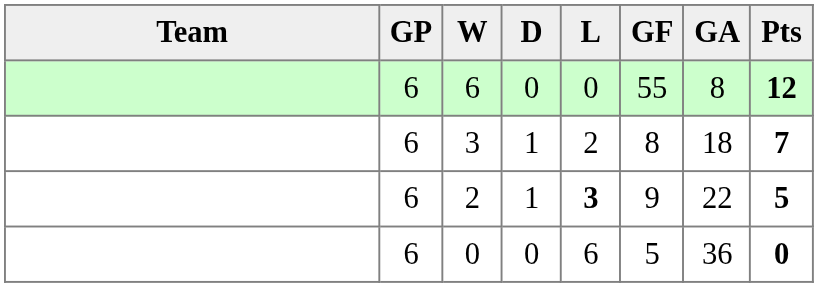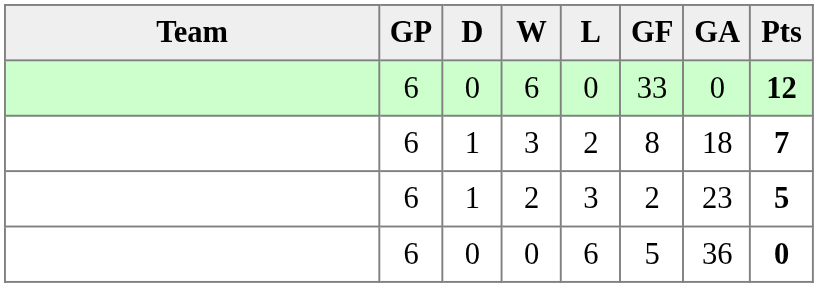 <table style=border-collapse:collapse border=1 cellspacing=0 cellpadding=5>
 <tr align=center bgcolor=#efefef>
 <th width=185>Team</th>
 <th width=20>GP</th>
+<th width=20>D</th>
 <th width=20>W</th>
-<th width=20>D</th>
 <th width=20>L</th>
 <th width=20>GF</th>
 <th width=20>GA</th>
 <th width=20>Pts</th>
 </tr>
 <tr bgcolor=#ccffcc align=center>
 <td style="text-align:left;"></td>
 <td>6</td>
+<td>0</td>
 <td>6</td>
 <td>0</td>
+<td>33</td>
 <td>0</td>
-<td>55</td>
-<td>8</td>
 <td><strong>12</strong></td>
 </tr>
 <tr align=center>
 <td style="text-align:left;"></td>
 <td>6</td>
+<td>1</td>
 <td>3</td>
-<td>1</td>
 <td>2</td>
 <td>8</td>
 <td>18</td>
 <td><strong>7</strong></td>
 </tr>
 <tr align=center>
 <td style="text-align:left;"></td>
 <td>6</td>
+<td>1</td>
 <td>2</td>
-<td>1</td>
-<td><strong>3</strong></td>
-<td>9</td>
-<td>22</td>
+<td>3</td>
+<td>2</td>
+<td>23</td>
 <td><strong>5</strong></td>
 </tr>
 <tr align=center>
 <td style="text-align:left;"></td>
 <td>6</td>
 <td>0</td>
 <td>0</td>
 <td>6</td>
 <td>5</td>
 <td>36</td>
 <td><strong>0</strong></td>
 </tr>
 </table>
